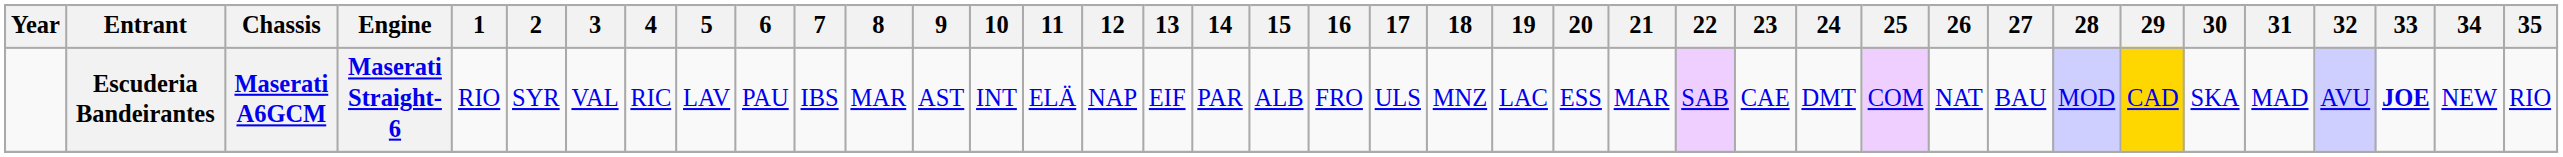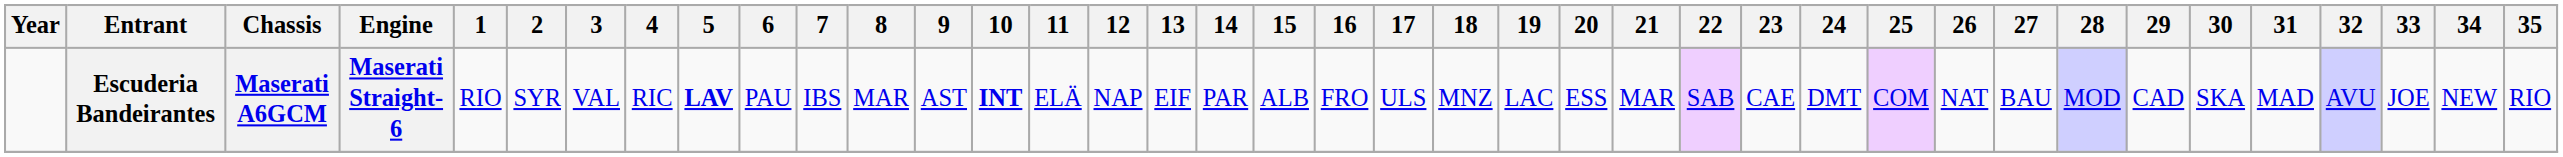 <table class="wikitable" style="text-align:center; font-size:75%">
 <tr>
 <th>Year</th>
 <th>Entrant</th>
 <th>Chassis</th>
 <th>Engine</th>
 <th>1</th>
 <th>2</th>
 <th>3</th>
 <th>4</th>
 <th>5</th>
 <th>6</th>
 <th>7</th>
 <th>8</th>
 <th>9</th>
 <th>10</th>
 <th>11</th>
 <th>12</th>
 <th>13</th>
 <th>14</th>
 <th>15</th>
 <th>16</th>
 <th>17</th>
 <th>18</th>
 <th>19</th>
 <th>20</th>
 <th>21</th>
 <th>22</th>
 <th>23</th>
 <th>24</th>
 <th>25</th>
 <th>26</th>
 <th>27</th>
 <th>28</th>
 <th>29</th>
 <th>30</th>
 <th>31</th>
 <th>32</th>
 <th>33</th>
 <th>34</th>
 <th>35</th>
 </tr>
 <tr>
 <td></td>
 <th>Escuderia Bandeirantes</th>
 <th><a href='#'>Maserati A6GCM</a></th>
 <th><a href='#'>Maserati</a> <a href='#'>Straight-6</a></th>
 <td><a href='#'>RIO</a></td>
 <td><a href='#'>SYR</a></td>
 <td><a href='#'>VAL</a></td>
 <td><a href='#'>RIC</a></td>
-<td><a href='#'>LAV</a></td>
+<td><strong><a href='#'>LAV</a></strong></td>
 <td><a href='#'>PAU</a></td>
 <td><a href='#'>IBS</a></td>
 <td><a href='#'>MAR</a></td>
 <td><a href='#'>AST</a></td>
-<td><a href='#'>INT</a></td>
+<td><strong><a href='#'>INT</a></strong></td>
 <td><a href='#'>ELÄ</a></td>
 <td><a href='#'>NAP</a></td>
 <td><a href='#'>EIF</a></td>
 <td><a href='#'>PAR</a></td>
 <td><a href='#'>ALB</a></td>
 <td><a href='#'>FRO</a></td>
 <td><a href='#'>ULS</a></td>
 <td><a href='#'>MNZ</a></td>
 <td><a href='#'>LAC</a></td>
 <td><a href='#'>ESS</a></td>
 <td><a href='#'>MAR</a></td>
 <td style="background:#EFCFFF;"><a href='#'>SAB</a><br></td>
 <td><a href='#'>CAE</a></td>
 <td><a href='#'>DMT</a></td>
 <td style="background:#EFCFFF;"><a href='#'>COM</a><br></td>
 <td><a href='#'>NAT</a></td>
 <td><a href='#'>BAU</a></td>
 <td style="background:#CFCFFF;"><a href='#'>MOD</a><br></td>
-<td style="background: gold;"><a href='#'>CAD</a></td>
+<td><a href='#'>CAD</a></td>
 <td><a href='#'>SKA</a></td>
 <td><a href='#'>MAD</a></td>
 <td style="background:#CFCFFF;"><a href='#'>AVU</a><br></td>
-<td><strong><a href='#'>JOE</a></strong></td>
+<td><a href='#'>JOE</a></td>
 <td><a href='#'>NEW</a></td>
 <td><a href='#'>RIO</a></td>
 </tr>
 <tr>
 </tr>
 </table>
